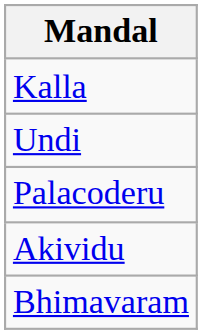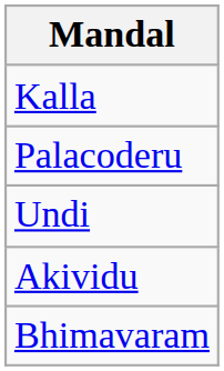 <table class="wikitable sortable static-row-numbers static-row-header-hash">
 <tr>
 <th>Mandal</th>
 </tr>
 <tr>
 <td><a href='#'>Kalla</a></td>
 </tr>
 <tr>
-<td><a href='#'>Undi</a></td>
+<td><a href='#'>Palacoderu</a></td>
 </tr>
 <tr>
-<td><a href='#'>Palacoderu</a></td>
+<td><a href='#'>Undi</a></td>
 </tr>
 <tr>
 <td><a href='#'>Akividu</a></td>
 </tr>
 <tr>
 <td><a href='#'>Bhimavaram</a></td>
 </tr>
 </table>
